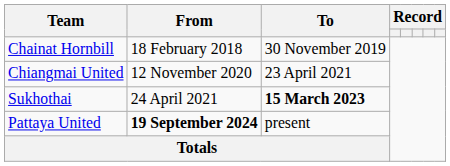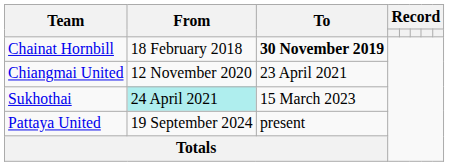 <table class="wikitable" style="text-align: center">
 <tr>
 <th rowspan="2">Team</th>
 <th rowspan="2">From</th>
 <th rowspan="2">To</th>
 <th colspan="5">Record</th>
 </tr>
 <tr>
 <th></th>
 <th></th>
 <th></th>
 <th></th>
 <th></th>
 </tr>
 <tr>
 <td align="left"><a href='#'>Chainat Hornbill</a></td>
 <td align="left">18 February 2018</td>
-<td align="left">30 November 2019<br></td>
+<td align="left"><strong>30 November 2019<br></strong></td>
 </tr>
 <tr>
 <td align="left"><a href='#'>Chiangmai United</a></td>
 <td align="left">12 November 2020</td>
 <td align="left">23 April 2021<br></td>
 </tr>
 <tr>
 <td align="left"><a href='#'>Sukhothai</a></td>
-<td align="left">24 April 2021</td>
-<td align="left"><strong>15 March 2023<br></strong></td>
+<td align="left" style="background: paleturquoise;">24 April 2021</td>
+<td align="left">15 March 2023<br></td>
 </tr>
 <tr>
 <td align="left"><a href='#'>Pattaya United</a></td>
-<td align="left"><strong>19 September 2024</strong></td>
+<td align="left">19 September 2024</td>
 <td align="left">present<br></td>
 </tr>
 <tr>
 <th colspan="3">Totals<br></th>
 </tr>
 </table>
